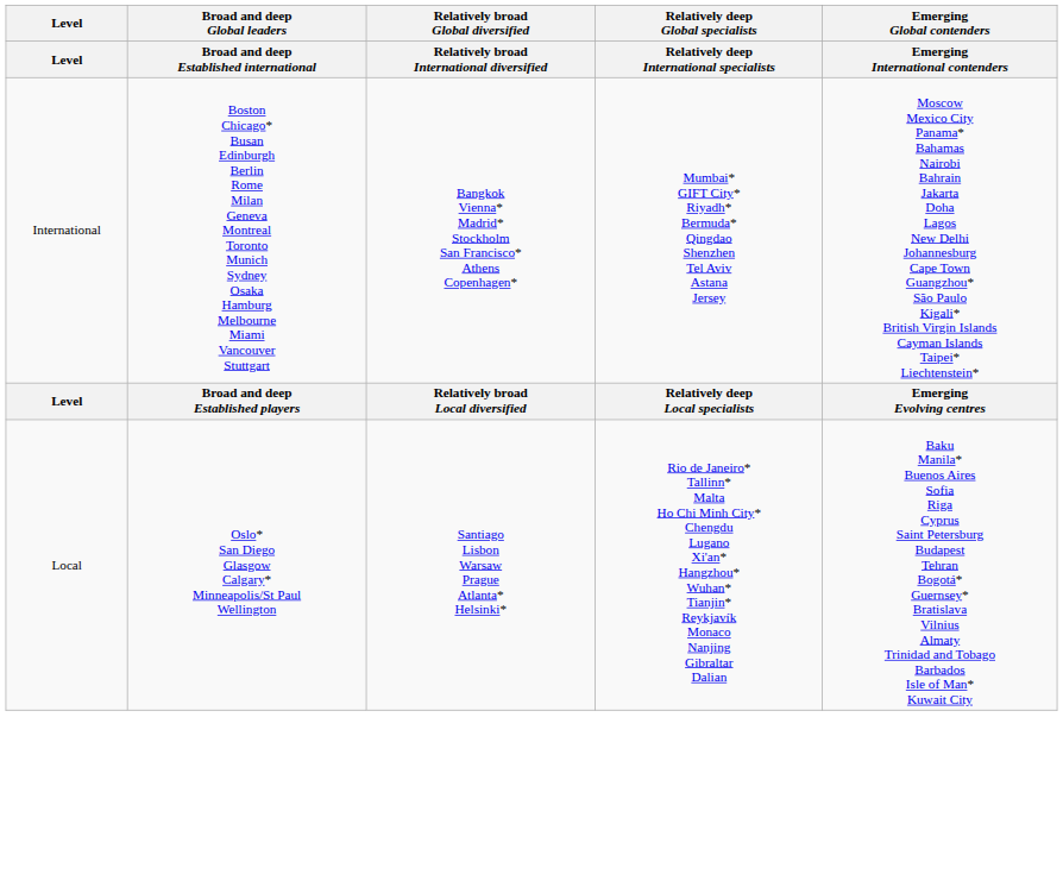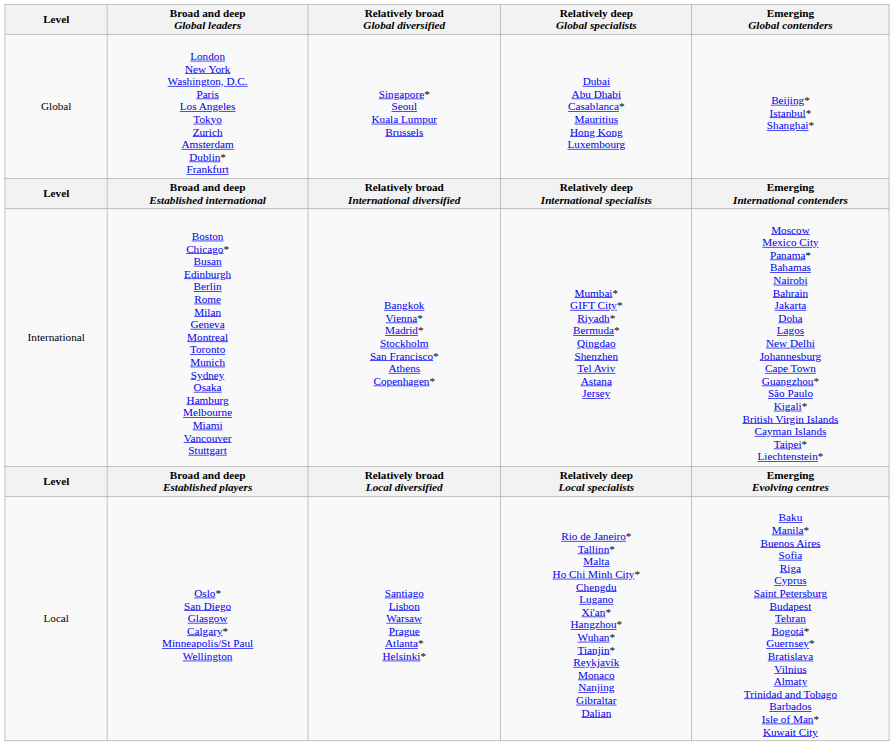 <table class="wikitable sortable"  style="width:100%; margin-left:0.5em; margin-bottom:0.5em;">
 <tr>
 <th>Level</th>
 <th>Broad and deep<br><em>Global leaders</em></th>
 <th>Relatively broad<br><em>Global diversified</em></th>
 <th>Relatively deep<br><em>Global specialists</em></th>
 <th>Emerging<br><em>Global contenders</em></th>
+</tr>
+<tr>
+<td align=center>Global</td>
+<td align=center><br> <a href='#'>London</a><br>  <a href='#'>New York</a><br>  <a href='#'>Washington, D.C.</a><br>  <a href='#'>Paris</a><br>  <a href='#'>Los Angeles</a><br>  <a href='#'>Tokyo</a><br>  <a href='#'>Zurich</a><br>  <a href='#'>Amsterdam</a><br>  <a href='#'>Dublin</a>*<br>  <a href='#'>Frankfurt</a></td>
+<td align=center><br> <a href='#'>Singapore</a>*<br>  <a href='#'>Seoul</a><br>  <a href='#'>Kuala Lumpur</a><br>  <a href='#'>Brussels</a><br></td>
+<td align=center><br> <a href='#'>Dubai</a><br>  <a href='#'>Abu Dhabi</a><br>  <a href='#'>Casablanca</a>*<br>  <a href='#'>Mauritius</a><br>  <a href='#'>Hong Kong</a><br>  <a href='#'>Luxembourg</a></td>
+<td align=center><br> <a href='#'>Beijing</a>*<br>  <a href='#'>Istanbul</a>*<br>  <a href='#'>Shanghai</a>*</td>
 </tr>
 <tr>
 <th>Level</th>
 <th>Broad and deep<br><em>Established international</em></th>
 <th>Relatively broad<br><em>International diversified</em></th>
 <th>Relatively deep<br><em>International specialists</em></th>
 <th>Emerging<br><em>International contenders</em></th>
 </tr>
 <tr>
 <td align=center>International</td>
 <td align=center><br> <a href='#'>Boston</a><br>  <a href='#'>Chicago</a>*<br>  <a href='#'>Busan</a><br>  <a href='#'>Edinburgh</a><br>  <a href='#'>Berlin</a><br>  <a href='#'>Rome</a><br>  <a href='#'>Milan</a><br>  <a href='#'>Geneva</a><br>  <a href='#'>Montreal</a><br>  <a href='#'>Toronto</a><br>  <a href='#'>Munich</a><br>  <a href='#'>Sydney</a><br>  <a href='#'>Osaka</a><br>  <a href='#'>Hamburg</a><br>  <a href='#'>Melbourne</a><br>  <a href='#'>Miami</a><br>  <a href='#'>Vancouver</a><br>  <a href='#'>Stuttgart</a></td>
 <td align=center><br> <a href='#'>Bangkok</a><br>  <a href='#'>Vienna</a>*<br>  <a href='#'>Madrid</a>*<br>  <a href='#'>Stockholm</a><br>  <a href='#'>San Francisco</a>*<br>  <a href='#'>Athens</a><br>  <a href='#'>Copenhagen</a>*</td>
 <td align=center><br> <a href='#'>Mumbai</a>*<br>  <a href='#'>GIFT City</a>*<br>  <a href='#'>Riyadh</a>*<br>  <a href='#'>Bermuda</a>*<br>  <a href='#'>Qingdao</a><br>  <a href='#'>Shenzhen</a><br>  <a href='#'>Tel Aviv</a><br>  <a href='#'>Astana</a><br>  <a href='#'>Jersey</a></td>
 <td align=center><br> <a href='#'>Moscow</a><br>  <a href='#'>Mexico City</a><br>  <a href='#'>Panama</a>*<br>  <a href='#'>Bahamas</a><br>  <a href='#'>Nairobi</a><br>  <a href='#'>Bahrain</a><br>  <a href='#'>Jakarta</a><br>  <a href='#'>Doha</a><br>  <a href='#'>Lagos</a><br>  <a href='#'>New Delhi</a><br>  <a href='#'>Johannesburg</a><br>  <a href='#'>Cape Town</a><br>  <a href='#'>Guangzhou</a>*<br>  <a href='#'>São Paulo</a><br>  <a href='#'>Kigali</a>*<br>  <a href='#'>British Virgin Islands</a><br>  <a href='#'>Cayman Islands</a><br>  <a href='#'>Taipei</a>*<br>  <a href='#'>Liechtenstein</a>*</td>
 </tr>
 <tr>
 <th>Level</th>
 <th>Broad and deep<br><em>Established players</em></th>
 <th>Relatively broad<br><em>Local diversified</em></th>
 <th>Relatively deep<br><em>Local specialists</em></th>
 <th>Emerging<br><em>Evolving centres</em></th>
 </tr>
 <tr>
 <td align=center>Local</td>
 <td align=center><br> <a href='#'>Oslo</a>*<br>  <a href='#'>San Diego</a><br>  <a href='#'>Glasgow</a><br>  <a href='#'>Calgary</a>*<br>  <a href='#'>Minneapolis/St Paul</a><br>  <a href='#'>Wellington</a></td>
 <td align=center><br> <a href='#'>Santiago</a><br>  <a href='#'>Lisbon</a><br>  <a href='#'>Warsaw</a><br>  <a href='#'>Prague</a><br>  <a href='#'>Atlanta</a>*<br>  <a href='#'>Helsinki</a>*</td>
 <td align=center><br> <a href='#'>Rio de Janeiro</a>*<br>  <a href='#'>Tallinn</a>*<br>  <a href='#'>Malta</a><br>  <a href='#'>Ho Chi Minh City</a>*<br>  <a href='#'>Chengdu</a><br>  <a href='#'>Lugano</a><br>  <a href='#'>Xi'an</a>*<br>  <a href='#'>Hangzhou</a>*<br>  <a href='#'>Wuhan</a>*<br>  <a href='#'>Tianjin</a>*<br>  <a href='#'>Reykjavík</a><br>  <a href='#'>Monaco</a><br>  <a href='#'>Nanjing</a><br>  <a href='#'>Gibraltar</a><br>  <a href='#'>Dalian</a></td>
 <td align=center><br> <a href='#'>Baku</a><br>  <a href='#'>Manila</a>*<br>  <a href='#'>Buenos Aires</a><br>  <a href='#'>Sofia</a><br>  <a href='#'>Riga</a><br>  <a href='#'>Cyprus</a><br>  <a href='#'>Saint Petersburg</a><br>  <a href='#'>Budapest</a><br>  <a href='#'>Tehran</a><br>  <a href='#'>Bogotá</a>*<br>  <a href='#'>Guernsey</a>*<br>  <a href='#'>Bratislava</a><br>  <a href='#'>Vilnius</a><br>  <a href='#'>Almaty</a><br>  <a href='#'>Trinidad and Tobago</a><br>  <a href='#'>Barbados</a><br>  <a href='#'>Isle of Man</a>*<br>  <a href='#'>Kuwait City</a></td>
 </tr>
 </table>
